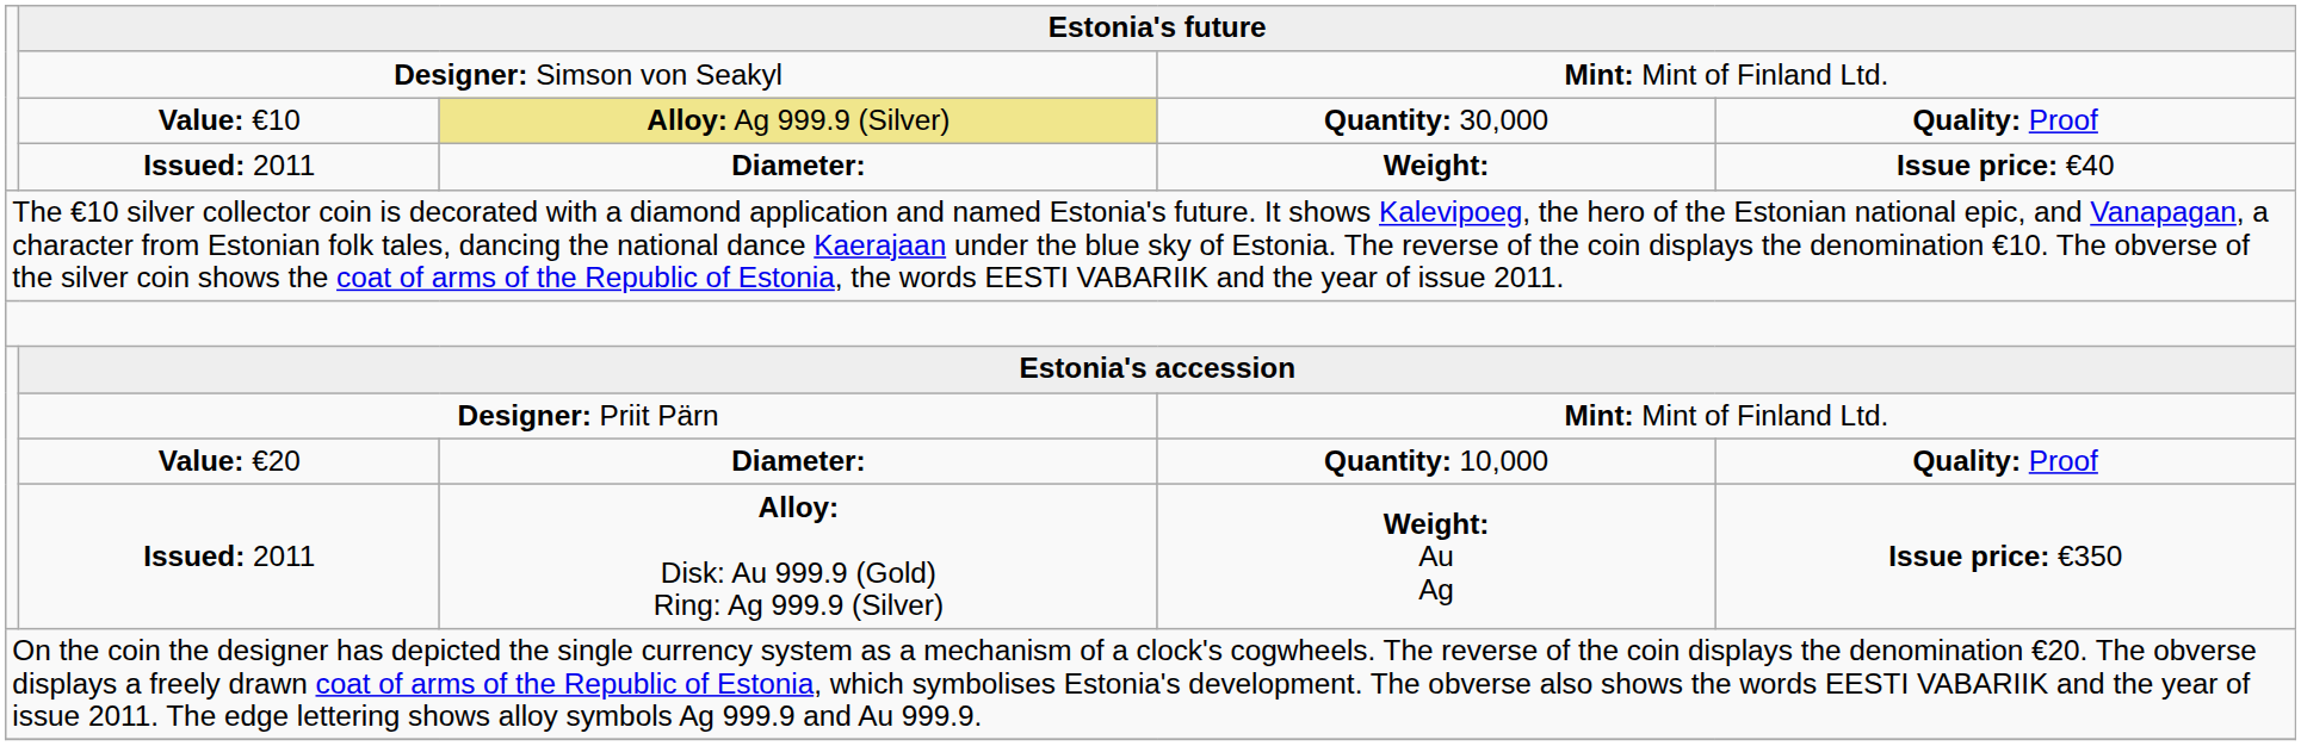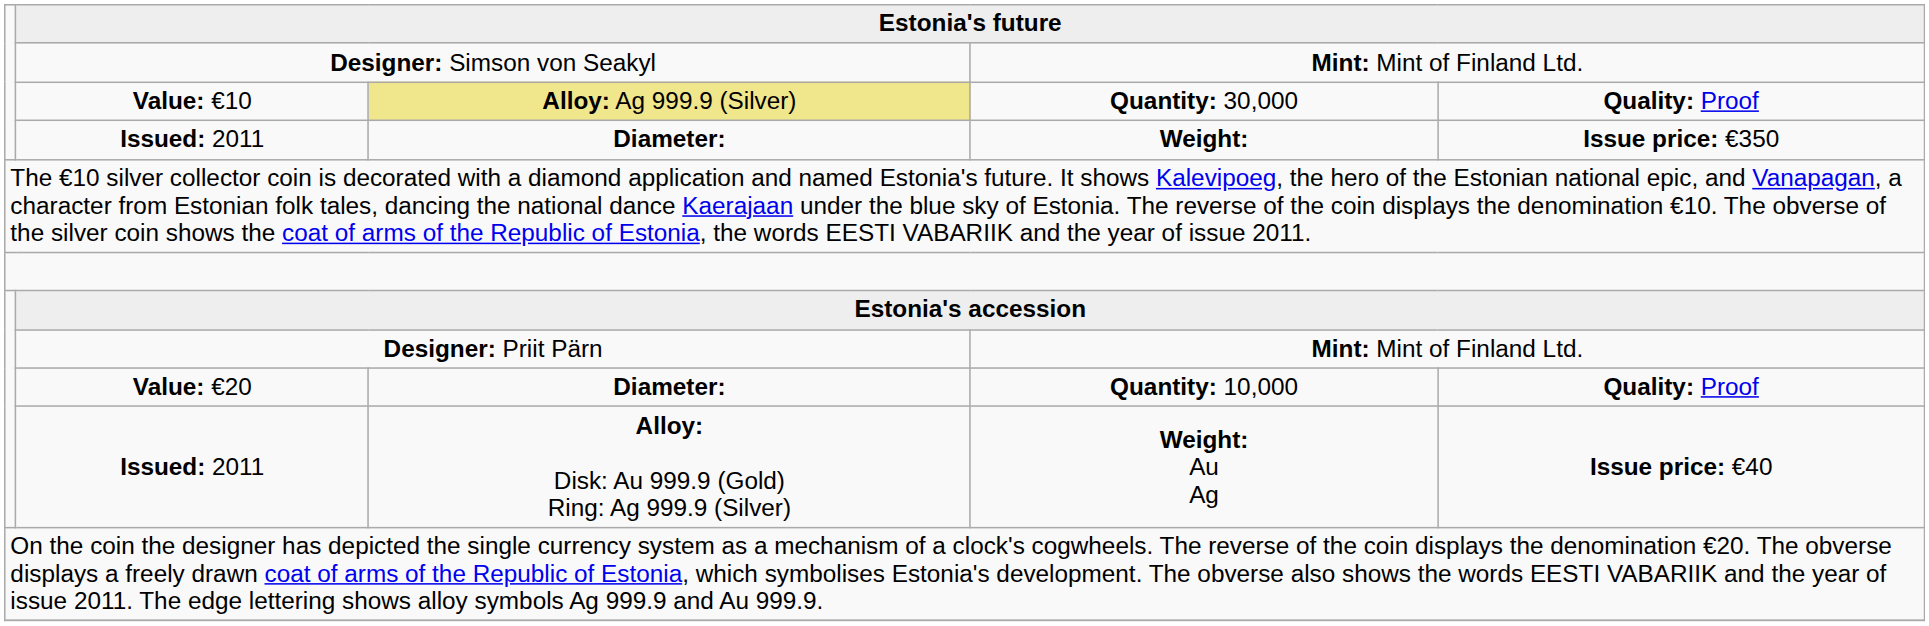 <table class="wikitable" width=100%>
 <tr>
 <td rowspan=4 width="330px" nowrap align=center></td>
 <th colspan="4" align=center style="background:#eeeeee;">Estonia's future</th>
 </tr>
 <tr>
 <td colspan="2" width="50%" align=center><strong>Designer:</strong> Simson von Seakyl</td>
 <td colspan="2" width="50%" align=center><strong>Mint:</strong> Mint of Finland Ltd.</td>
 </tr>
 <tr>
 <td align=center><strong>Value:</strong> €10</td>
 <td align=center style="background: khaki;"><strong>Alloy:</strong> Ag 999.9 (Silver)</td>
 <td align=center><strong>Quantity:</strong> 30,000</td>
 <td align=center><strong>Quality:</strong> <a href='#'>Proof</a></td>
 </tr>
 <tr>
 <td align=center><strong>Issued:</strong> 2011</td>
 <td align=center><strong>Diameter:</strong> </td>
 <td align=center><strong>Weight:</strong> </td>
-<td align=center><strong>Issue price:</strong> €40</td>
+<td align=center><strong>Issue price:</strong> €350</td>
 </tr>
 <tr>
 <td colspan="5" align=left>The €10 silver collector coin is decorated with a diamond application and named Estonia's future. It shows <a href='#'>Kalevipoeg</a>, the hero of the Estonian national epic, and <a href='#'>Vanapagan</a>, a character from Estonian folk tales, dancing the national dance <a href='#'>Kaerajaan</a> under the blue sky of Estonia. The reverse of the coin displays the denomination €10. The obverse of the silver coin shows the <a href='#'>coat of arms of the Republic of Estonia</a>, the words EESTI VABARIIK and the year of issue 2011.</td>
 </tr>
 <tr>
 <td colspan="5" align=left> </td>
 </tr>
 <tr>
 <td rowspan=4 width="330px" nowrap align=center></td>
 <th colspan="4" align=center style="background:#eeeeee;">Estonia's accession</th>
 </tr>
 <tr>
 <td colspan="2" width="50%" align=center><strong>Designer:</strong> Priit Pärn</td>
 <td colspan="2" width="50%" align=center><strong>Mint:</strong> Mint of Finland Ltd.</td>
 </tr>
 <tr>
 <td align=center><strong>Value:</strong> €20</td>
 <td align=center><strong>Diameter:</strong> </td>
 <td align=center><strong>Quantity:</strong> 10,000</td>
 <td align=center><strong>Quality:</strong> <a href='#'>Proof</a></td>
 </tr>
 <tr>
 <td align=center><strong>Issued:</strong> 2011</td>
 <td align=center><strong>Alloy:</strong> <br><br>Disk: Au 999.9 (Gold) <br> Ring: Ag 999.9 (Silver)</td>
 <td align=center><strong>Weight:</strong> <br>Au <br>Ag </td>
-<td align=center><strong>Issue price:</strong> €350</td>
+<td align=center><strong>Issue price:</strong> €40</td>
 </tr>
 <tr>
 <td colspan="5" align=left>On the coin the designer has depicted the single currency system as a mechanism of a clock's cogwheels. The reverse of the coin displays the denomination €20. The obverse displays a freely drawn <a href='#'>coat of arms of the Republic of Estonia</a>, which symbolises Estonia's development. The obverse also shows the words EESTI VABARIIK and the year of issue 2011. The edge lettering shows alloy symbols Ag 999.9 and Au 999.9.</td>
 </tr>
 <tr>
 </tr>
 </table>
